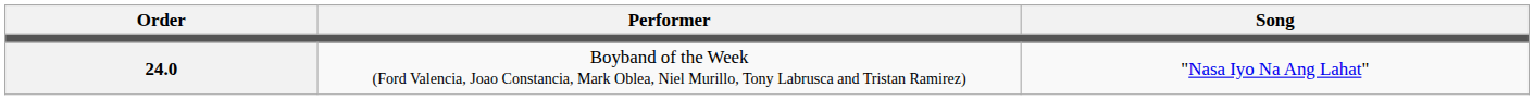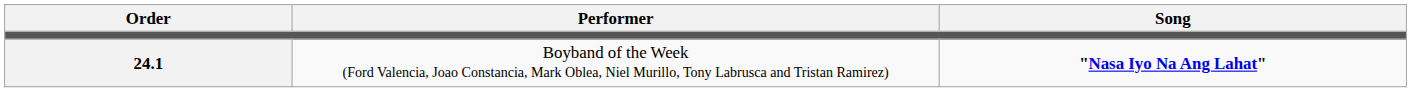 <table class="wikitable" style="text-align:center; line-height:17px; width:100%; font-size: 95%;">
 <tr>
 <th style="width:08%;">Order</th>
 <th style="width:18%;">Performer</th>
 <th style="width:13%;">Song</th>
 </tr>
 <tr>
 <td colspan="3" style="background:#555;"></td>
 </tr>
 <tr>
-<th>24.0</th>
+<th>24.1</th>
 <td>Boyband of the Week <br> <small>(Ford Valencia, Joao Constancia, Mark Oblea, Niel Murillo, Tony Labrusca and Tristan Ramirez)</small></td>
-<td>"<a href='#'>Nasa Iyo Na Ang Lahat</a>"</td>
+<td><strong>"<a href='#'>Nasa Iyo Na Ang Lahat</a>"</strong></td>
 </tr>
 </table>
